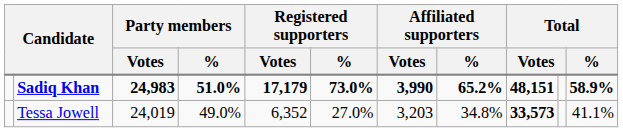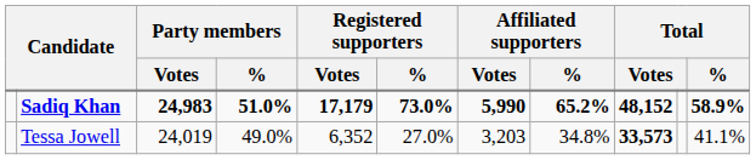 <table class="wikitable">
 <tr>
 <th colspan="2" scope="col" rowspan="2" width="125">Candidate</th>
 <th scope="col" colspan="2" width="150">Party members</th>
 <th scope="col" colspan="2" width="150">Registered supporters</th>
 <th scope="col" colspan="2" width="150">Affiliated supporters</th>
 <th scope="col" colspan="3" width="75">Total</th>
 </tr>
 <tr style="border-bottom: 2px solid gray;">
 <th>Votes</th>
 <th>%</th>
 <th>Votes</th>
 <th>%</th>
 <th>Votes</th>
 <th>%</th>
 <th scope="col" colspan="2">Votes</th>
 <th>%</th>
 </tr>
 <tr align="right">
 <td style="background-color: "></td>
 <td scope="row" align="left"><strong><a href='#'>Sadiq Khan</a></strong> </td>
 <td><strong>24,983</strong></td>
 <td><strong>51.0%</strong></td>
 <td><strong>17,179</strong></td>
 <td><strong>73.0%</strong></td>
-<td><strong>3,990</strong></td>
+<td><strong>5,990</strong></td>
 <td><strong>65.2%</strong></td>
-<td><strong>48,151</strong></td>
+<td><strong>48,152</strong></td>
 <td align=center></td>
 <td><strong>58.9%</strong></td>
 </tr>
 <tr align="right">
 <td style="background-color: "></td>
 <td scope="row" align="left"><a href='#'>Tessa Jowell</a></td>
 <td>24,019</td>
 <td>49.0%</td>
 <td>6,352</td>
 <td>27.0%</td>
 <td>3,203</td>
 <td>34.8%</td>
 <td><strong>33,573</strong></td>
 <td align=center></td>
 <td>41.1%</td>
 </tr>
 </table>
